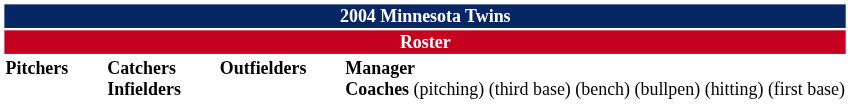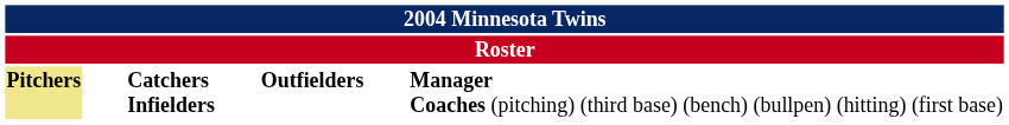 <table class="toccolours" style="font-size: 95%;">
 <tr>
 <th colspan="10" style="background-color: #072764; color: #FFFFFF; text-align: center;">2004 Minnesota Twins</th>
 </tr>
 <tr>
 <td colspan="10" style="background-color: #c6011f; color: white; text-align: center;"><strong>Roster</strong></td>
 </tr>
 <tr>
-<td valign="top"><strong>Pitchers</strong><br>                 </td>
+<td valign="top" style="background: khaki;"><strong>Pitchers</strong><br>                 </td>
 <td width="25px"></td>
 <td valign="top"><strong>Catchers</strong><br>     <strong>Infielders</strong>            </td>
 <td width="25px"></td>
 <td valign="top"><strong>Outfielders</strong><br>      </td>
 <td width="25px"></td>
 <td valign="top"><strong>Manager</strong><br> <strong>Coaches</strong>  (pitching)  (third base)  (bench)  (bullpen)  (hitting)  (first base)</td>
 </tr>
 <tr>
 </tr>
 <tr>
 </tr>
 </table>
